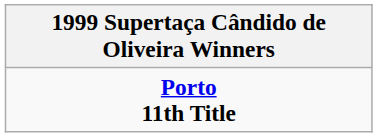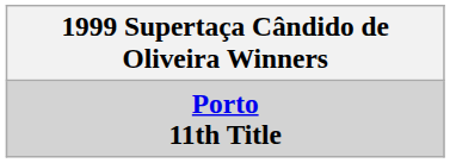 <table class="wikitable" style="text-align: center; margin: 0 auto; width: 20%">
 <tr>
 <th>1999 Supertaça Cândido de Oliveira Winners</th>
 </tr>
 <tr>
-<td><strong><a href='#'>Porto</a></strong><br><strong>11th Title</strong></td>
+<td style="background: lightgrey;"><strong><a href='#'>Porto</a></strong><br><strong>11th Title</strong></td>
 </tr>
 </table>
